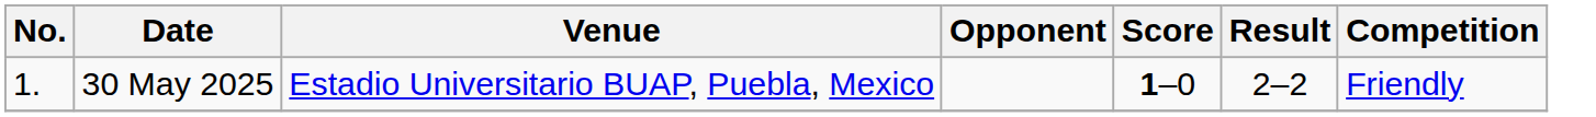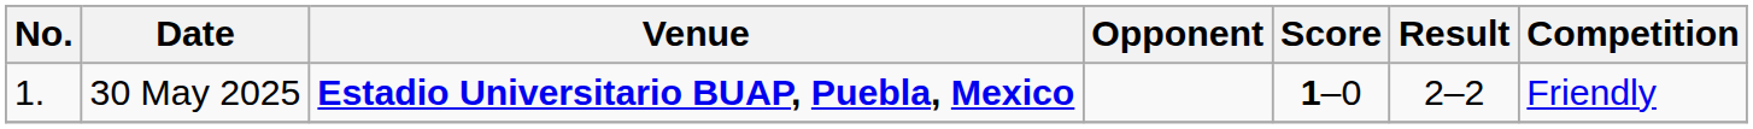 <table class="wikitable">
 <tr>
 <th>No.</th>
 <th>Date</th>
 <th>Venue</th>
 <th>Opponent</th>
 <th>Score</th>
 <th>Result</th>
 <th>Competition</th>
 </tr>
 <tr>
 <td>1.</td>
 <td>30 May 2025</td>
-<td><a href='#'>Estadio Universitario BUAP</a>, <a href='#'>Puebla</a>, <a href='#'>Mexico</a></td>
+<td><strong><a href='#'>Estadio Universitario BUAP</a>, <a href='#'>Puebla</a>, <a href='#'>Mexico</a></strong></td>
 <td></td>
 <td align=center><strong>1</strong>–0</td>
 <td align=center>2–2</td>
 <td><a href='#'>Friendly</a></td>
 </tr>
 <tr>
 </tr>
 </table>
